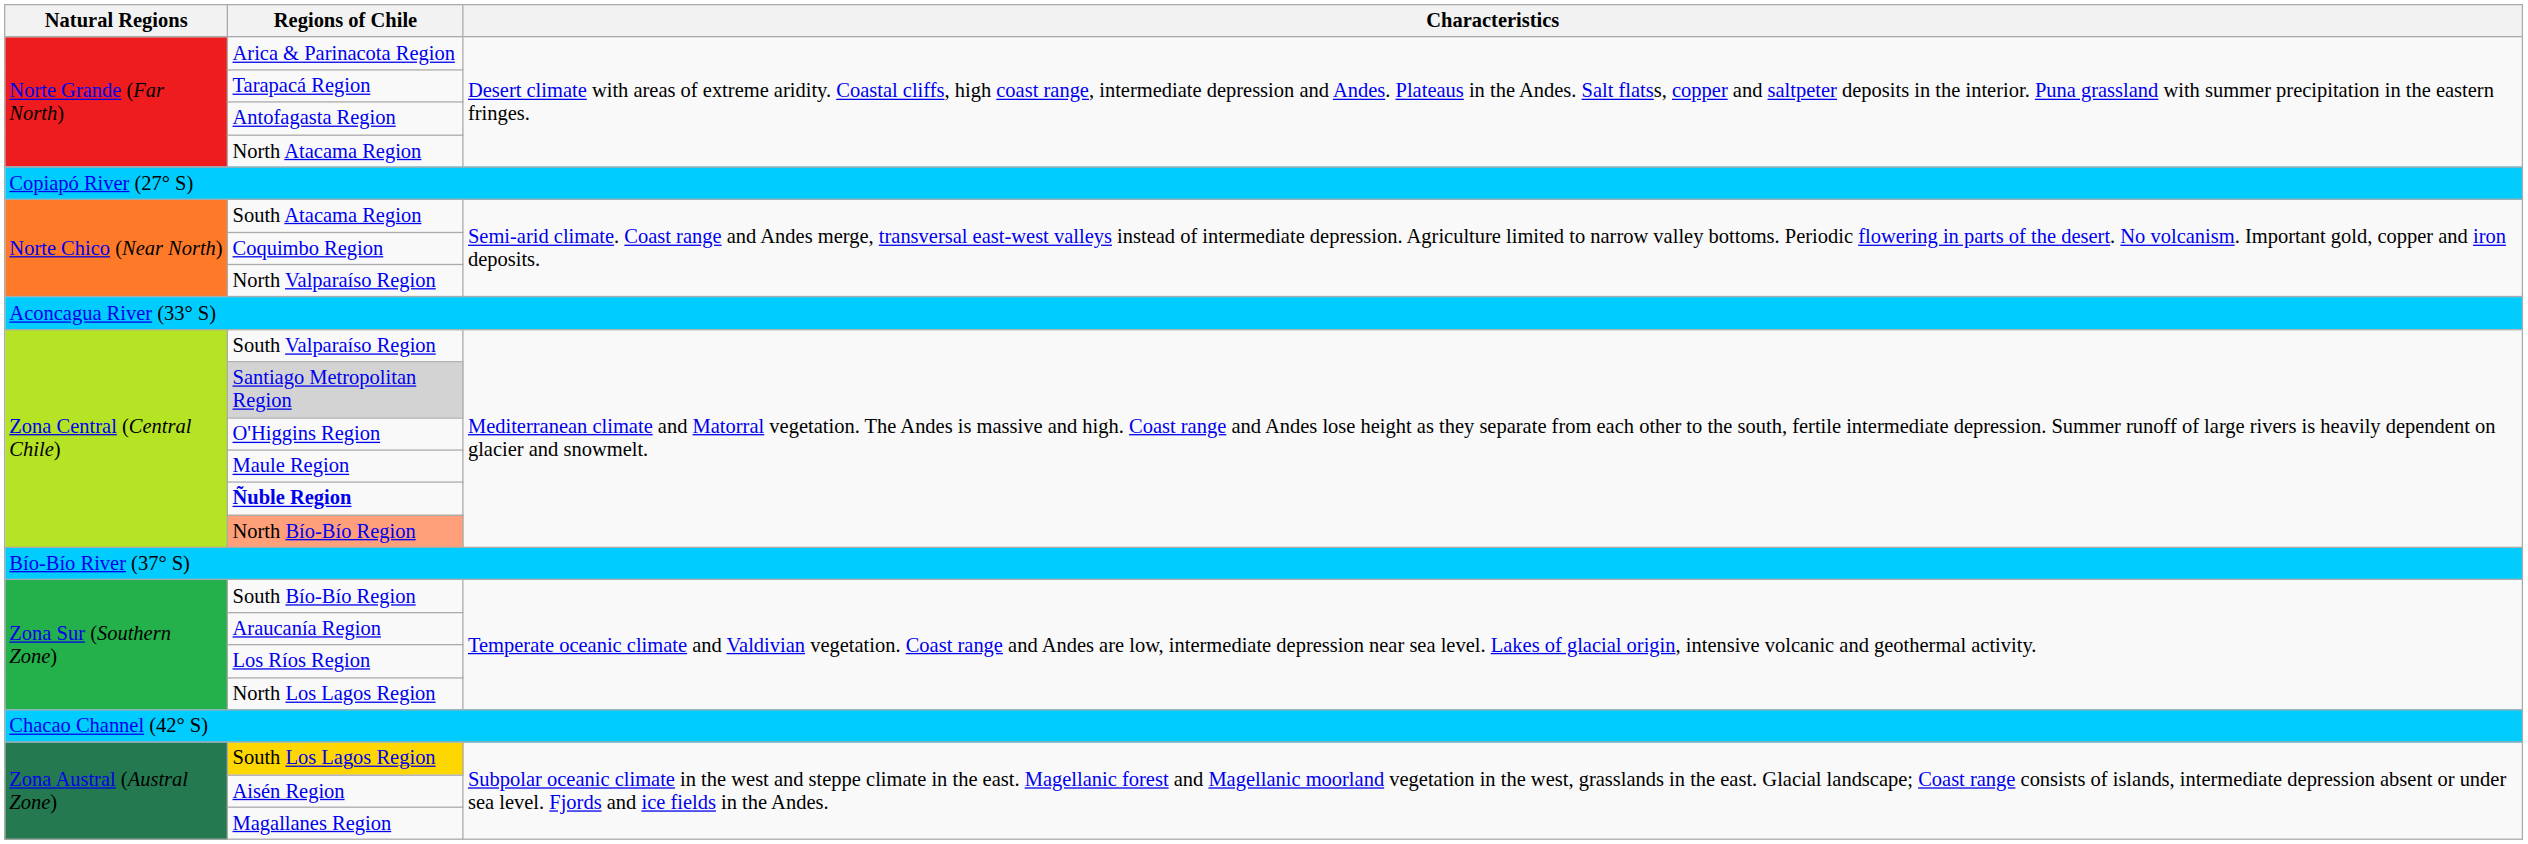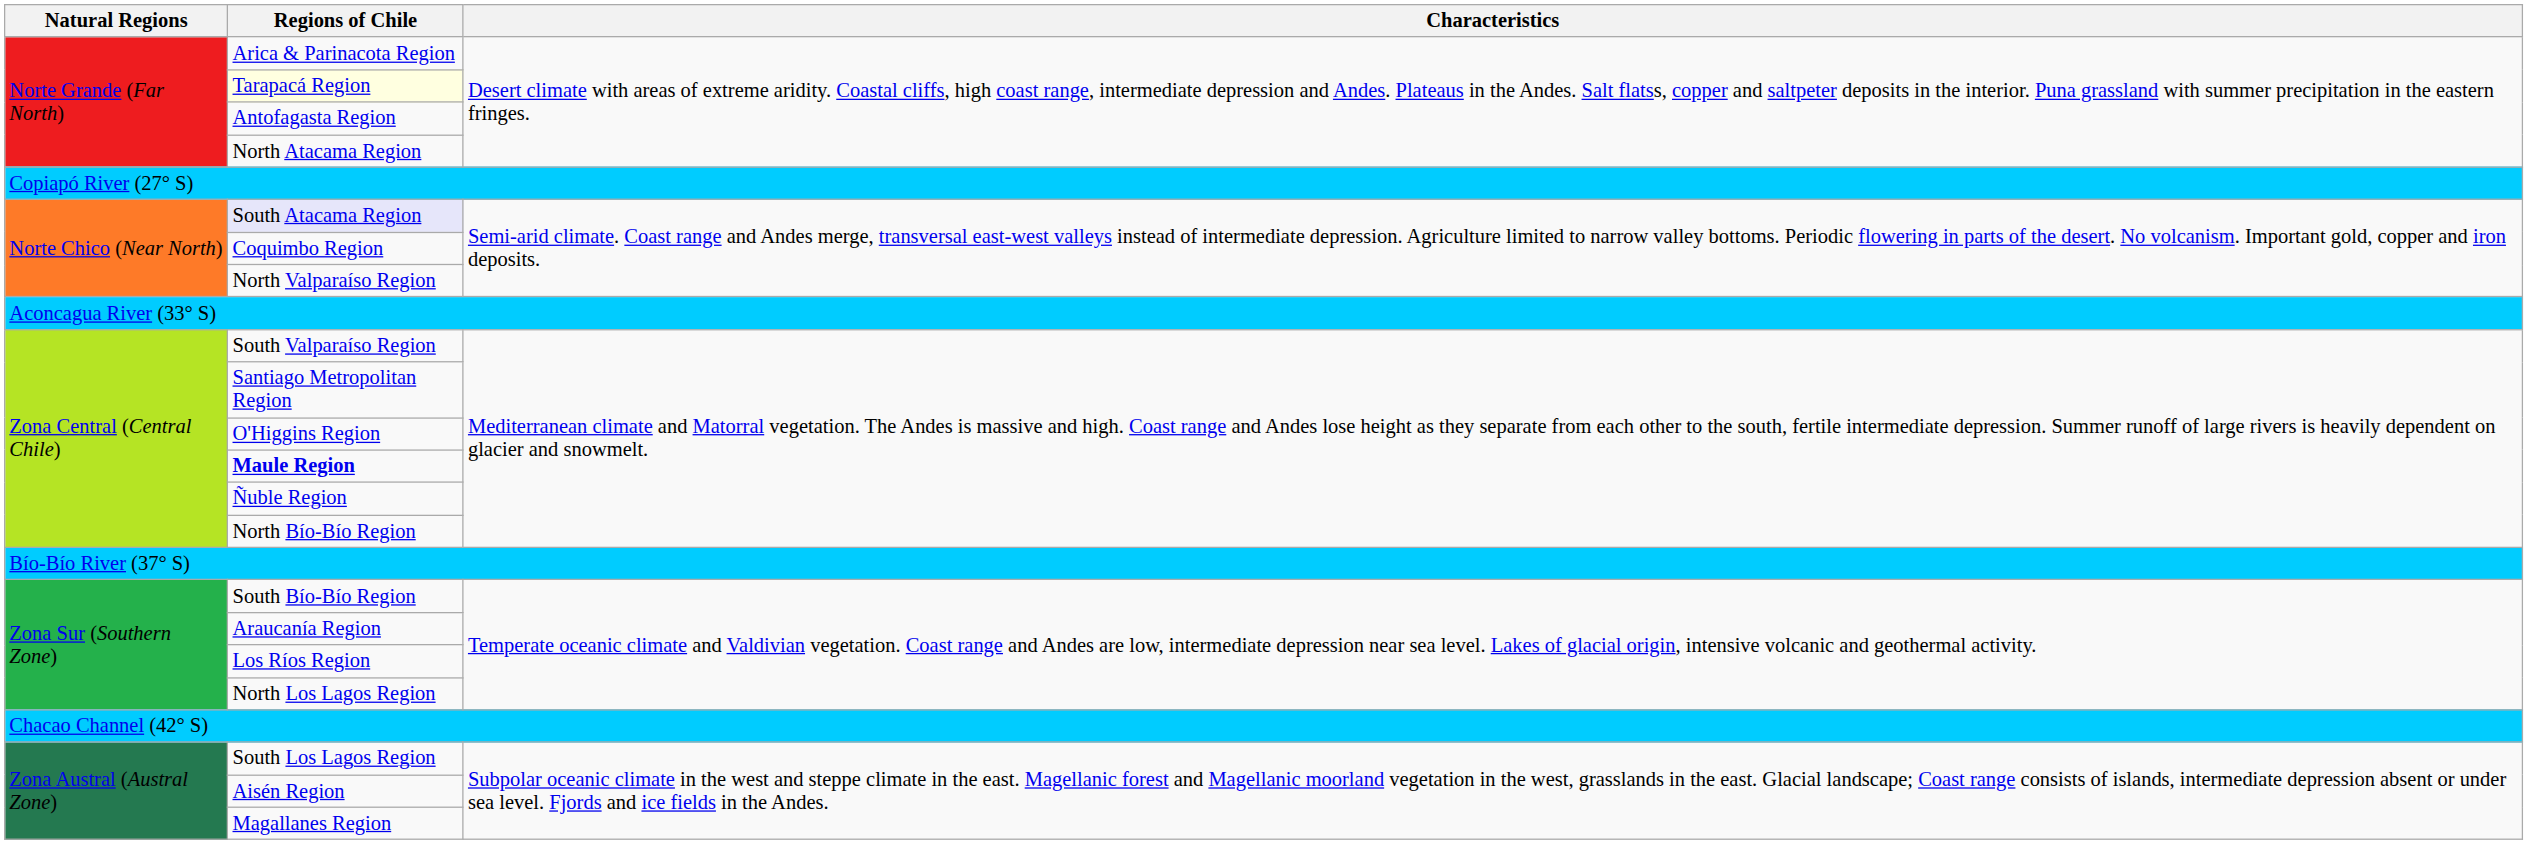 <table class="wikitable">
 <tr>
 <th>Natural Regions</th>
 <th>Regions of Chile</th>
 <th>Characteristics</th>
 </tr>
 <tr>
 <td rowspan="4" bgcolor="#ee1c1f"><a href='#'>Norte Grande</a> (<em>Far North</em>)</td>
 <td><a href='#'>Arica & Parinacota Region</a></td>
 <td rowspan="4"><a href='#'>Desert climate</a> with areas of extreme aridity. <a href='#'>Coastal cliffs</a>, high <a href='#'>coast range</a>, intermediate depression and <a href='#'>Andes</a>. <a href='#'>Plateaus</a> in the Andes. <a href='#'>Salt flats</a>s, <a href='#'>copper</a> and <a href='#'>saltpeter</a> deposits  in the interior. <a href='#'>Puna grassland</a> with summer precipitation in the eastern fringes.</td>
 </tr>
 <tr>
-<td><a href='#'>Tarapacá Region</a></td>
+<td style="background: lightyellow;"><a href='#'>Tarapacá Region</a></td>
 </tr>
 <tr>
 <td><a href='#'>Antofagasta Region</a></td>
 </tr>
 <tr>
 <td>North <a href='#'>Atacama Region</a></td>
 </tr>
 <tr>
 <td colspan="3" bgcolor="#00CCFF"><a href='#'>Copiapó River</a> (27° S)</td>
 </tr>
 <tr>
 <td rowspan="3" bgcolor="#fe7a28"><a href='#'>Norte Chico</a> (<em>Near North</em>)</td>
-<td>South <a href='#'>Atacama Region</a></td>
+<td style="background: lavender;">South <a href='#'>Atacama Region</a></td>
 <td rowspan="3"><a href='#'>Semi-arid climate</a>. <a href='#'>Coast range</a> and Andes merge, <a href='#'>transversal east-west valleys</a> instead of intermediate depression. Agriculture limited to narrow valley bottoms. Periodic <a href='#'>flowering in parts of the desert</a>. <a href='#'>No volcanism</a>. Important gold, copper and <a href='#'>iron</a> deposits.</td>
 </tr>
 <tr>
 <td><a href='#'>Coquimbo Region</a></td>
 </tr>
 <tr>
 <td>North <a href='#'>Valparaíso Region</a></td>
 </tr>
 <tr>
 <td colspan="3" bgcolor="#00CCFF"><a href='#'>Aconcagua River</a> (33° S)</td>
 </tr>
 <tr>
 <td rowspan="6" bgcolor="#b5e424"><a href='#'>Zona Central</a> (<em>Central Chile</em>)</td>
 <td>South <a href='#'>Valparaíso Region</a></td>
 <td rowspan="6"><a href='#'>Mediterranean climate</a> and <a href='#'>Matorral</a> vegetation. The Andes is massive and high. <a href='#'>Coast range</a> and Andes lose height as they separate from each other to the south, fertile intermediate depression. Summer runoff of large rivers is heavily dependent on glacier and snowmelt.</td>
 </tr>
 <tr>
-<td style="background: lightgrey;"><a href='#'>Santiago Metropolitan Region</a></td>
+<td><a href='#'>Santiago Metropolitan Region</a></td>
 </tr>
 <tr>
 <td><a href='#'>O'Higgins Region</a></td>
 </tr>
 <tr>
-<td><a href='#'>Maule Region</a></td>
+<td><strong><a href='#'>Maule Region</a></strong></td>
 </tr>
 <tr>
-<td><strong><a href='#'>Ñuble Region</a></strong></td>
+<td><a href='#'>Ñuble Region</a></td>
 </tr>
 <tr>
-<td style="background: lightsalmon;">North <a href='#'>Bío-Bío Region</a></td>
+<td>North <a href='#'>Bío-Bío Region</a></td>
 </tr>
 <tr>
 <td colspan="3" bgcolor="#00CCFF"><a href='#'>Bío-Bío River</a> (37° S)</td>
 </tr>
 <tr>
 <td rowspan="4" bgcolor="#24b14b"><a href='#'>Zona Sur</a> (<em>Southern Zone</em>)</td>
 <td>South <a href='#'>Bío-Bío Region</a></td>
 <td rowspan="4"><a href='#'>Temperate oceanic climate</a> and <a href='#'>Valdivian</a> vegetation. <a href='#'>Coast range</a> and Andes are low, intermediate depression near sea level. <a href='#'>Lakes of glacial origin</a>, intensive volcanic and geothermal activity.</td>
 </tr>
 <tr>
 <td><a href='#'>Araucanía Region</a></td>
 </tr>
 <tr>
 <td><a href='#'>Los Ríos Region</a></td>
 </tr>
 <tr>
 <td>North <a href='#'>Los Lagos Region</a></td>
 </tr>
 <tr>
 <td colspan="3" bgcolor="#00CCFF"><a href='#'>Chacao Channel</a> (42° S)</td>
 </tr>
 <tr>
 <td rowspan="3" bgcolor="#247950"><a href='#'>Zona Austral</a> (<em>Austral Zone</em>)</td>
-<td style="background: gold;">South <a href='#'>Los Lagos Region</a></td>
+<td>South <a href='#'>Los Lagos Region</a></td>
 <td rowspan="3"><a href='#'>Subpolar oceanic climate</a> in the west and steppe climate in the east. <a href='#'>Magellanic forest</a> and <a href='#'>Magellanic moorland</a> vegetation in the west, grasslands in the east. Glacial landscape; <a href='#'>Coast range</a> consists of islands, intermediate depression absent or under sea level. <a href='#'>Fjords</a> and <a href='#'>ice fields</a> in the Andes.</td>
 </tr>
 <tr>
 <td><a href='#'>Aisén Region</a></td>
 </tr>
 <tr>
 <td><a href='#'>Magallanes Region</a></td>
 </tr>
 </table>
